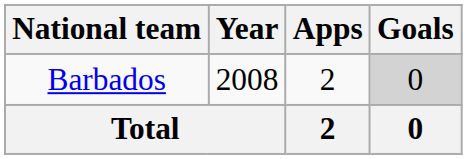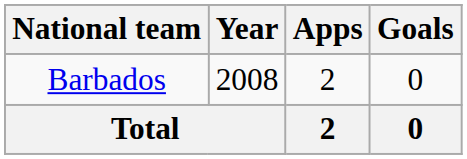 <table class=wikitable style="text-align: center;">
 <tr>
 <th>National team</th>
 <th>Year</th>
 <th>Apps</th>
 <th>Goals</th>
 </tr>
 <tr>
 <td><a href='#'>Barbados</a></td>
 <td>2008</td>
 <td>2</td>
-<td style="background: lightgrey;">0</td>
+<td>0</td>
 </tr>
 <tr>
 <th colspan=2>Total</th>
 <th>2</th>
 <th>0</th>
 </tr>
 </table>
